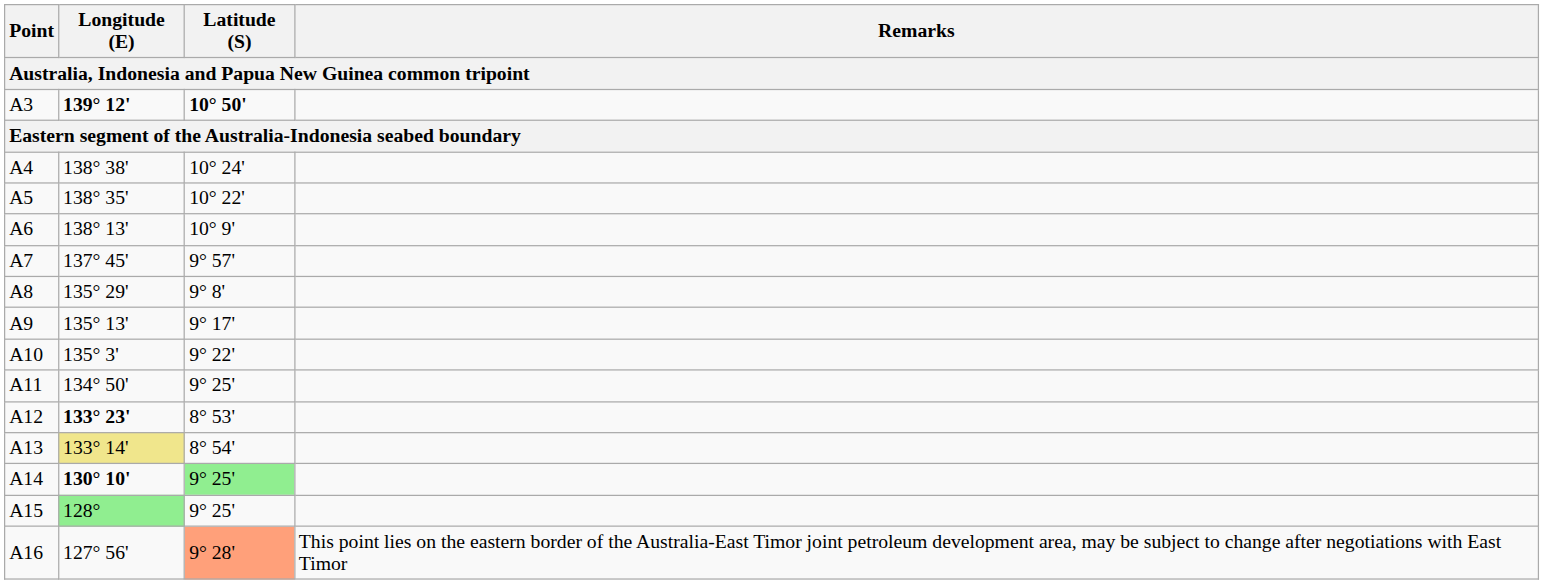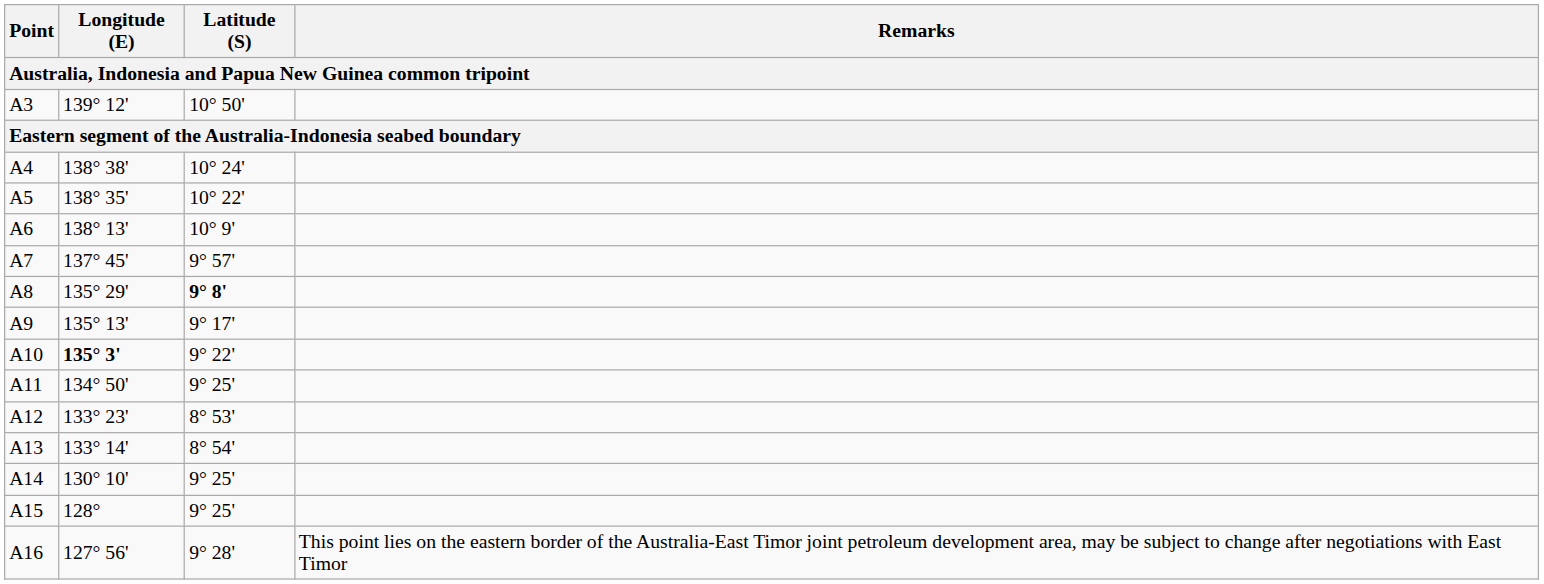 <table class="wikitable">
 <tr>
 <th>Point</th>
 <th>Longitude (E)</th>
 <th>Latitude (S)</th>
 <th>Remarks</th>
 </tr>
 <tr>
 <th colspan="5" style="text-align:left">Australia, Indonesia and Papua New Guinea common tripoint</th>
 </tr>
 <tr>
 <td>A3</td>
-<td><strong>139° 12'</strong></td>
-<td><strong>10° 50'</strong></td>
+<td>139° 12'</td>
+<td>10° 50'</td>
 <td></td>
 </tr>
 <tr>
 <th colspan="5" style="text-align:left">Eastern segment of the Australia-Indonesia seabed boundary</th>
 </tr>
 <tr>
 <td>A4</td>
 <td>138° 38'</td>
 <td>10° 24'</td>
 <td></td>
 </tr>
 <tr>
 <td>A5</td>
 <td>138° 35'</td>
 <td>10° 22'</td>
 <td></td>
 </tr>
 <tr>
 <td>A6</td>
 <td>138° 13'</td>
 <td>10° 9'</td>
 <td></td>
 </tr>
 <tr>
 <td>A7</td>
 <td>137° 45'</td>
 <td>9° 57'</td>
 <td></td>
 </tr>
 <tr>
 <td>A8</td>
 <td>135° 29'</td>
-<td>9° 8'</td>
+<td><strong>9° 8'</strong></td>
 <td></td>
 </tr>
 <tr>
 <td>A9</td>
 <td>135° 13'</td>
 <td>9° 17'</td>
 <td></td>
 </tr>
 <tr>
 <td>A10</td>
-<td>135° 3'</td>
+<td><strong>135° 3'</strong></td>
 <td>9° 22'</td>
 <td></td>
 </tr>
 <tr>
 <td>A11</td>
 <td>134° 50'</td>
 <td>9° 25'</td>
 <td></td>
 </tr>
 <tr>
 <td>A12</td>
-<td><strong>133° 23'</strong></td>
+<td>133° 23'</td>
 <td>8° 53'</td>
 <td></td>
 </tr>
 <tr>
 <td>A13</td>
-<td style="background: khaki;">133° 14'</td>
+<td>133° 14'</td>
 <td>8° 54'</td>
 <td></td>
 </tr>
 <tr>
 <td>A14</td>
-<td><strong>130° 10'</strong></td>
-<td style="background: lightgreen;">9° 25'</td>
+<td>130° 10'</td>
+<td>9° 25'</td>
 <td></td>
 </tr>
 <tr>
 <td>A15</td>
-<td style="background: lightgreen;">128°</td>
+<td>128°</td>
 <td>9° 25'</td>
 <td></td>
 </tr>
 <tr>
 <td>A16</td>
 <td>127° 56'</td>
-<td style="background: lightsalmon;">9° 28'</td>
+<td>9° 28'</td>
 <td>This point lies on the eastern border of the Australia-East Timor joint petroleum development area, may be subject to change after negotiations with East Timor</td>
 </tr>
 </table>
